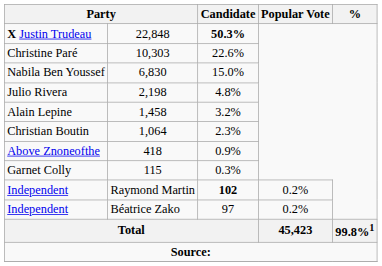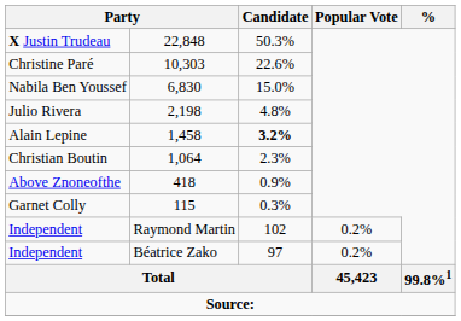 <table class="wikitable">
 <tr>
 <th colspan="2">Party</th>
 <th>Candidate</th>
 <th>Popular Vote</th>
 <th>%</th>
 </tr>
 <tr>
 <td> <strong>X</strong> <a href='#'>Justin Trudeau</a></td>
 <td align=center>22,848</td>
-<td align=center><strong>50.3%</strong></td>
+<td align=center>50.3%</td>
 </tr>
 <tr>
 <td>Christine Paré</td>
 <td align=center>10,303</td>
 <td align=center>22.6%</td>
 </tr>
 <tr>
 <td>Nabila Ben Youssef</td>
 <td align=center>6,830</td>
 <td align=center>15.0%</td>
 </tr>
 <tr>
 <td>Julio Rivera</td>
 <td align=center>2,198</td>
 <td align=center>4.8%</td>
 </tr>
 <tr>
 <td>Alain Lepine</td>
 <td align=center>1,458</td>
-<td align=center>3.2%</td>
+<td align=center><strong>3.2%</strong></td>
 </tr>
 <tr>
 <td>Christian Boutin</td>
 <td align=center>1,064</td>
 <td align=center>2.3%</td>
 </tr>
 <tr>
 <td><a href='#'>Above Znoneofthe</a></td>
 <td align=center>418</td>
 <td align=center>0.9%</td>
 </tr>
 <tr>
 <td>Garnet Colly</td>
 <td align=center>115</td>
 <td align=center>0.3%</td>
 </tr>
 <tr>
 <td><a href='#'>Independent</a></td>
 <td>Raymond Martin</td>
-<td align=center><strong>102</strong></td>
+<td align=center>102</td>
 <td align=center>0.2%</td>
 </tr>
 <tr>
 <td><a href='#'>Independent</a></td>
 <td>Béatrice Zako</td>
 <td align=center>97</td>
 <td align=center>0.2%</td>
 </tr>
 <tr>
 <th colspan=3>Total</th>
 <th>45,423</th>
 <th>99.8%<sup>1</sup></th>
 </tr>
 <tr>
 <td align="center" colspan=5><strong>Source:</strong> </td>
 </tr>
 <tr>
 </tr>
 </table>
